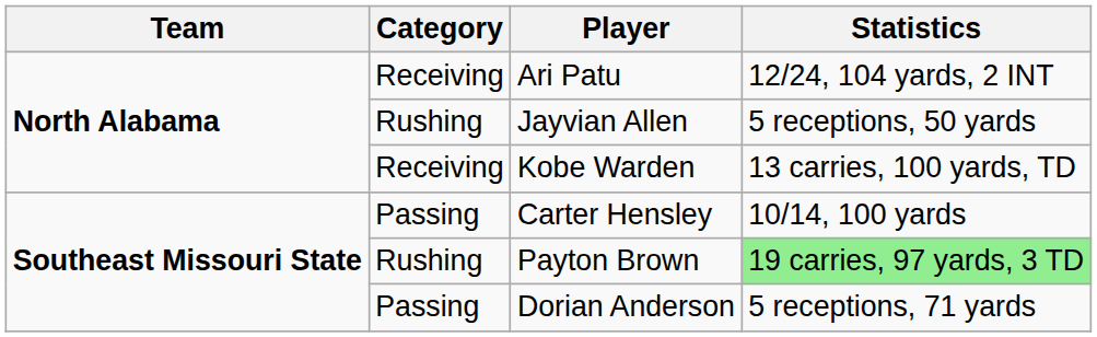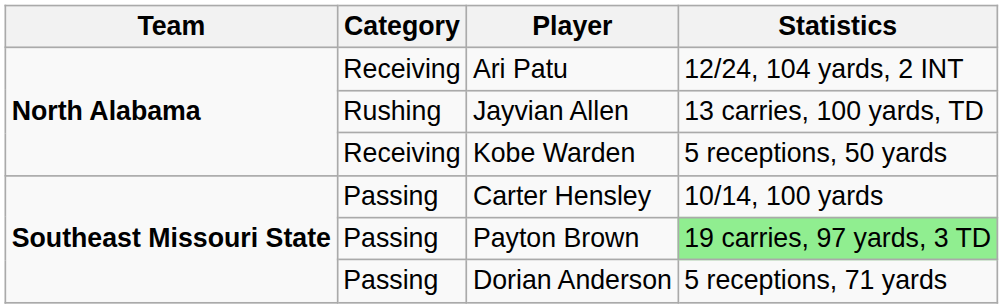 <table class="wikitable" style="float: right;">
 <tr>
 <th>Team</th>
 <th>Category</th>
 <th>Player</th>
 <th>Statistics</th>
 </tr>
 <tr>
 <td rowspan=3><strong>North Alabama</strong></td>
 <td>Receiving</td>
 <td>Ari Patu</td>
 <td>12/24, 104 yards, 2 INT</td>
 </tr>
 <tr>
 <td>Rushing</td>
 <td>Jayvian Allen</td>
-<td>5 receptions, 50 yards</td>
+<td>13 carries, 100 yards, TD</td>
 </tr>
 <tr>
 <td>Receiving</td>
 <td>Kobe Warden</td>
-<td>13 carries, 100 yards, TD</td>
+<td>5 receptions, 50 yards</td>
 </tr>
 <tr>
 <td rowspan=3><strong>Southeast Missouri State</strong></td>
 <td>Passing</td>
 <td>Carter Hensley</td>
 <td>10/14, 100 yards</td>
 </tr>
 <tr>
-<td>Rushing</td>
+<td>Passing</td>
 <td>Payton Brown</td>
 <td style="background: lightgreen;">19 carries, 97 yards, 3 TD</td>
 </tr>
 <tr>
 <td>Passing</td>
 <td>Dorian Anderson</td>
 <td>5 receptions, 71 yards</td>
 </tr>
 </table>
